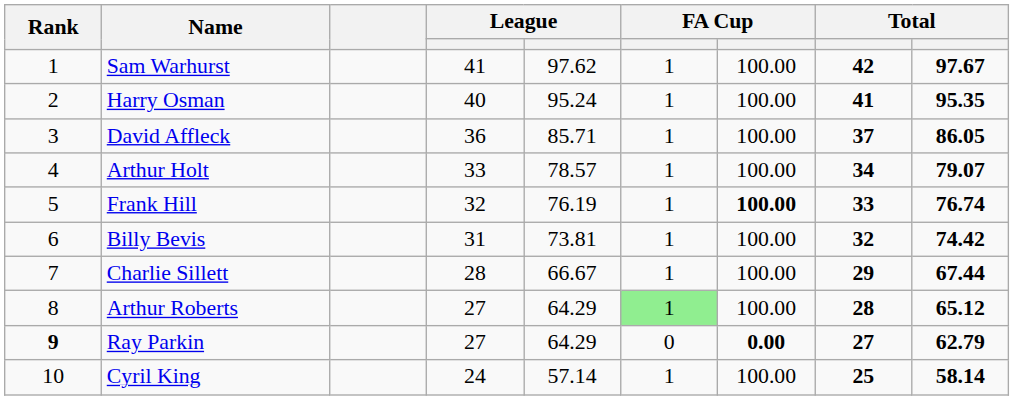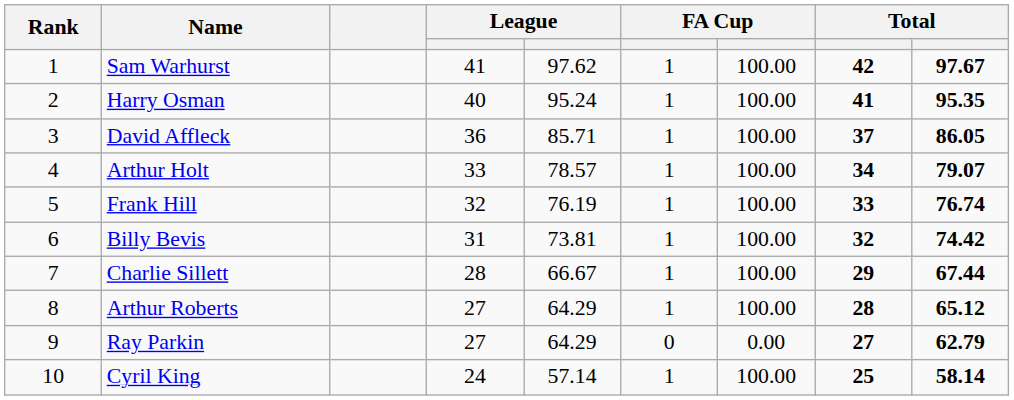 <table class="wikitable plainrowheaders" style="text-align:center;">
 <tr>
 <th scope="col" rowspan="2" style="width:4em;">Rank</th>
 <th scope="col" rowspan="2" style="width:10em;">Name</th>
 <th scope="col" rowspan="2" style="width:4em;"></th>
 <th scope="col" colspan="2">League</th>
 <th scope="col" colspan="2">FA Cup</th>
 <th scope="col" colspan="2">Total</th>
 </tr>
 <tr>
 <th scope="col" style="width:4em;"></th>
 <th scope="col" style="width:4em;"></th>
 <th scope="col" style="width:4em;"></th>
 <th scope="col" style="width:4em;"></th>
 <th scope="col" style="width:4em;"></th>
 <th scope="col" style="width:4em;"></th>
 </tr>
 <tr>
 <td>1</td>
 <td align="left"><a href='#'>Sam Warhurst</a></td>
 <td></td>
 <td>41</td>
 <td>97.62</td>
 <td>1</td>
 <td>100.00</td>
 <td><strong>42</strong></td>
 <td><strong>97.67</strong></td>
 </tr>
 <tr>
 <td>2</td>
 <td align="left"><a href='#'>Harry Osman</a></td>
 <td></td>
 <td>40</td>
 <td>95.24</td>
 <td>1</td>
 <td>100.00</td>
 <td><strong>41</strong></td>
 <td><strong>95.35</strong></td>
 </tr>
 <tr>
 <td>3</td>
 <td align="left"><a href='#'>David Affleck</a></td>
 <td></td>
 <td>36</td>
 <td>85.71</td>
 <td>1</td>
 <td>100.00</td>
 <td><strong>37</strong></td>
 <td><strong>86.05</strong></td>
 </tr>
 <tr>
 <td>4</td>
 <td align="left"><a href='#'>Arthur Holt</a></td>
 <td></td>
 <td>33</td>
 <td>78.57</td>
 <td>1</td>
 <td>100.00</td>
 <td><strong>34</strong></td>
 <td><strong>79.07</strong></td>
 </tr>
 <tr>
 <td>5</td>
 <td align="left"><a href='#'>Frank Hill</a></td>
 <td></td>
 <td>32</td>
 <td>76.19</td>
 <td>1</td>
-<td><strong>100.00</strong></td>
+<td>100.00</td>
 <td><strong>33</strong></td>
 <td><strong>76.74</strong></td>
 </tr>
 <tr>
 <td>6</td>
 <td align="left"><a href='#'>Billy Bevis</a></td>
 <td></td>
 <td>31</td>
 <td>73.81</td>
 <td>1</td>
 <td>100.00</td>
 <td><strong>32</strong></td>
 <td><strong>74.42</strong></td>
 </tr>
 <tr>
 <td>7</td>
 <td align="left"><a href='#'>Charlie Sillett</a></td>
 <td></td>
 <td>28</td>
 <td>66.67</td>
 <td>1</td>
 <td>100.00</td>
 <td><strong>29</strong></td>
 <td><strong>67.44</strong></td>
 </tr>
 <tr>
 <td>8</td>
 <td align="left"><a href='#'>Arthur Roberts</a></td>
 <td></td>
 <td>27</td>
 <td>64.29</td>
-<td style="background: lightgreen;">1</td>
+<td>1</td>
 <td>100.00</td>
 <td><strong>28</strong></td>
 <td><strong>65.12</strong></td>
 </tr>
 <tr>
-<td><strong>9</strong></td>
+<td>9</td>
 <td align="left"><a href='#'>Ray Parkin</a></td>
 <td></td>
 <td>27</td>
 <td>64.29</td>
 <td>0</td>
-<td><strong>0.00</strong></td>
+<td>0.00</td>
 <td><strong>27</strong></td>
 <td><strong>62.79</strong></td>
 </tr>
 <tr>
 <td>10</td>
 <td align="left"><a href='#'>Cyril King</a></td>
 <td></td>
 <td>24</td>
 <td>57.14</td>
 <td>1</td>
 <td>100.00</td>
 <td><strong>25</strong></td>
 <td><strong>58.14</strong></td>
 </tr>
 </table>
